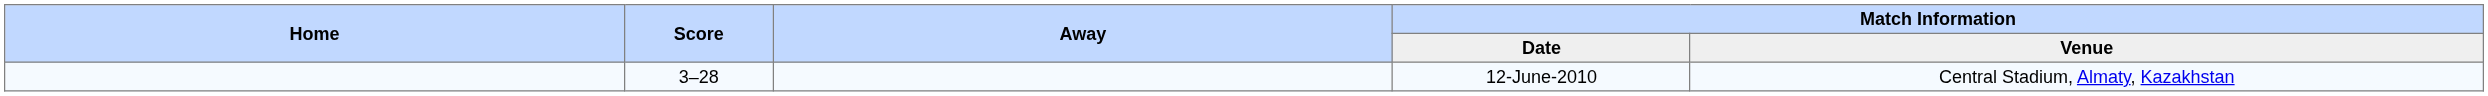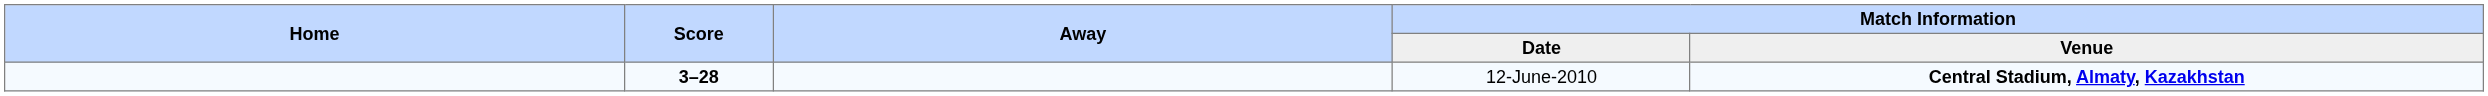 <table border=1 style="border-collapse:collapse; font-size:90%; text-align:center;" cellpadding=3 cellspacing=0 width=100%>
 <tr bgcolor=#C1D8FF>
 <th rowspan=2 width=25%>Home</th>
 <th rowspan=2 width=6%>Score</th>
 <th rowspan=2 width=25%>Away</th>
 <th colspan=6>Match Information</th>
 </tr>
 <tr bgcolor=#EFEFEF>
 <th width=12%>Date</th>
 <th width=32%>Venue</th>
 </tr>
 <tr bgcolor=#F5FAFF>
 <td align=right></td>
-<td>3–28</td>
+<td><strong>3–28</strong></td>
 <td align=left><strong></strong></td>
 <td>12-June-2010</td>
-<td>Central Stadium, <a href='#'>Almaty</a>, <a href='#'>Kazakhstan</a></td>
+<td><strong>Central Stadium, <a href='#'>Almaty</a>, <a href='#'>Kazakhstan</a></strong></td>
 </tr>
 </table>
